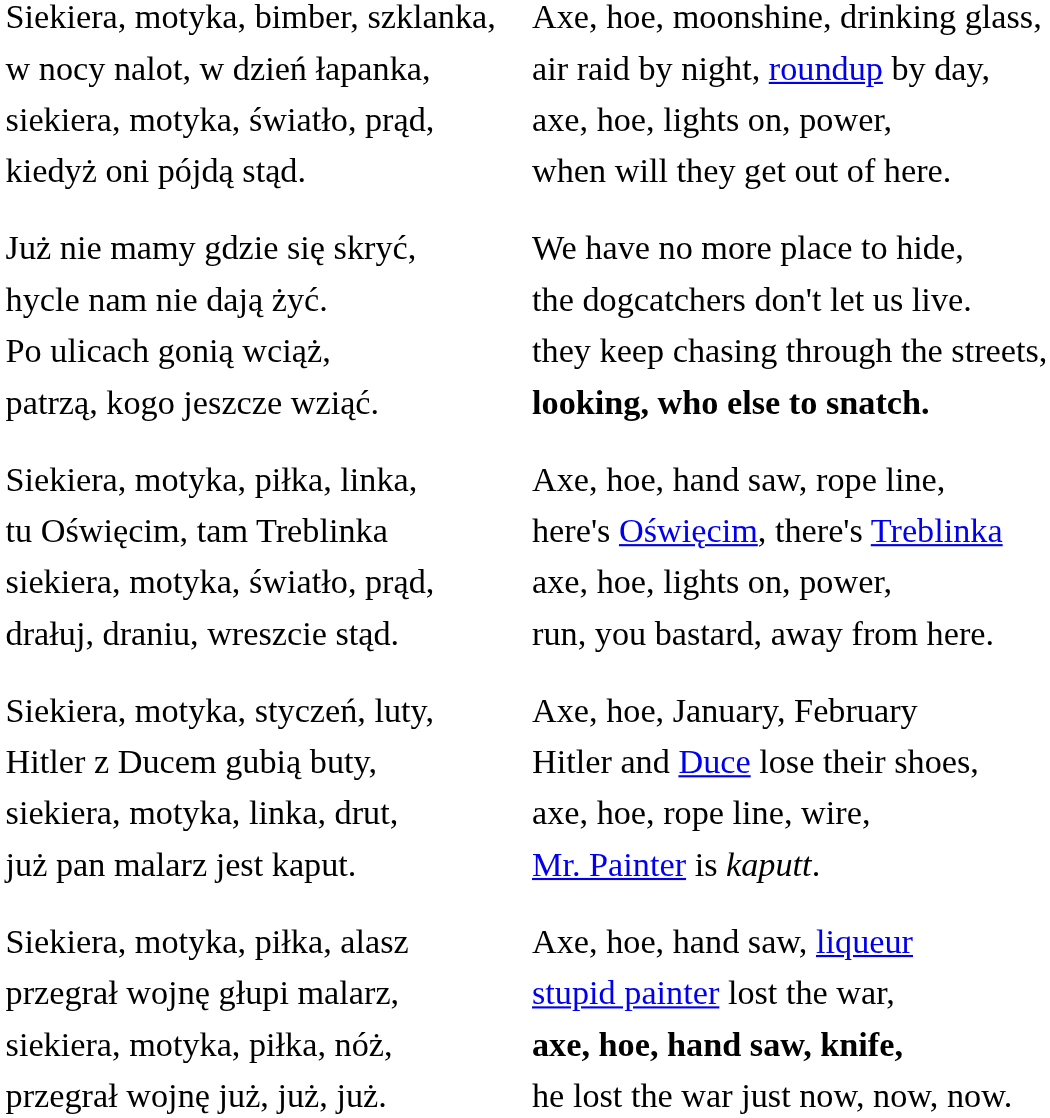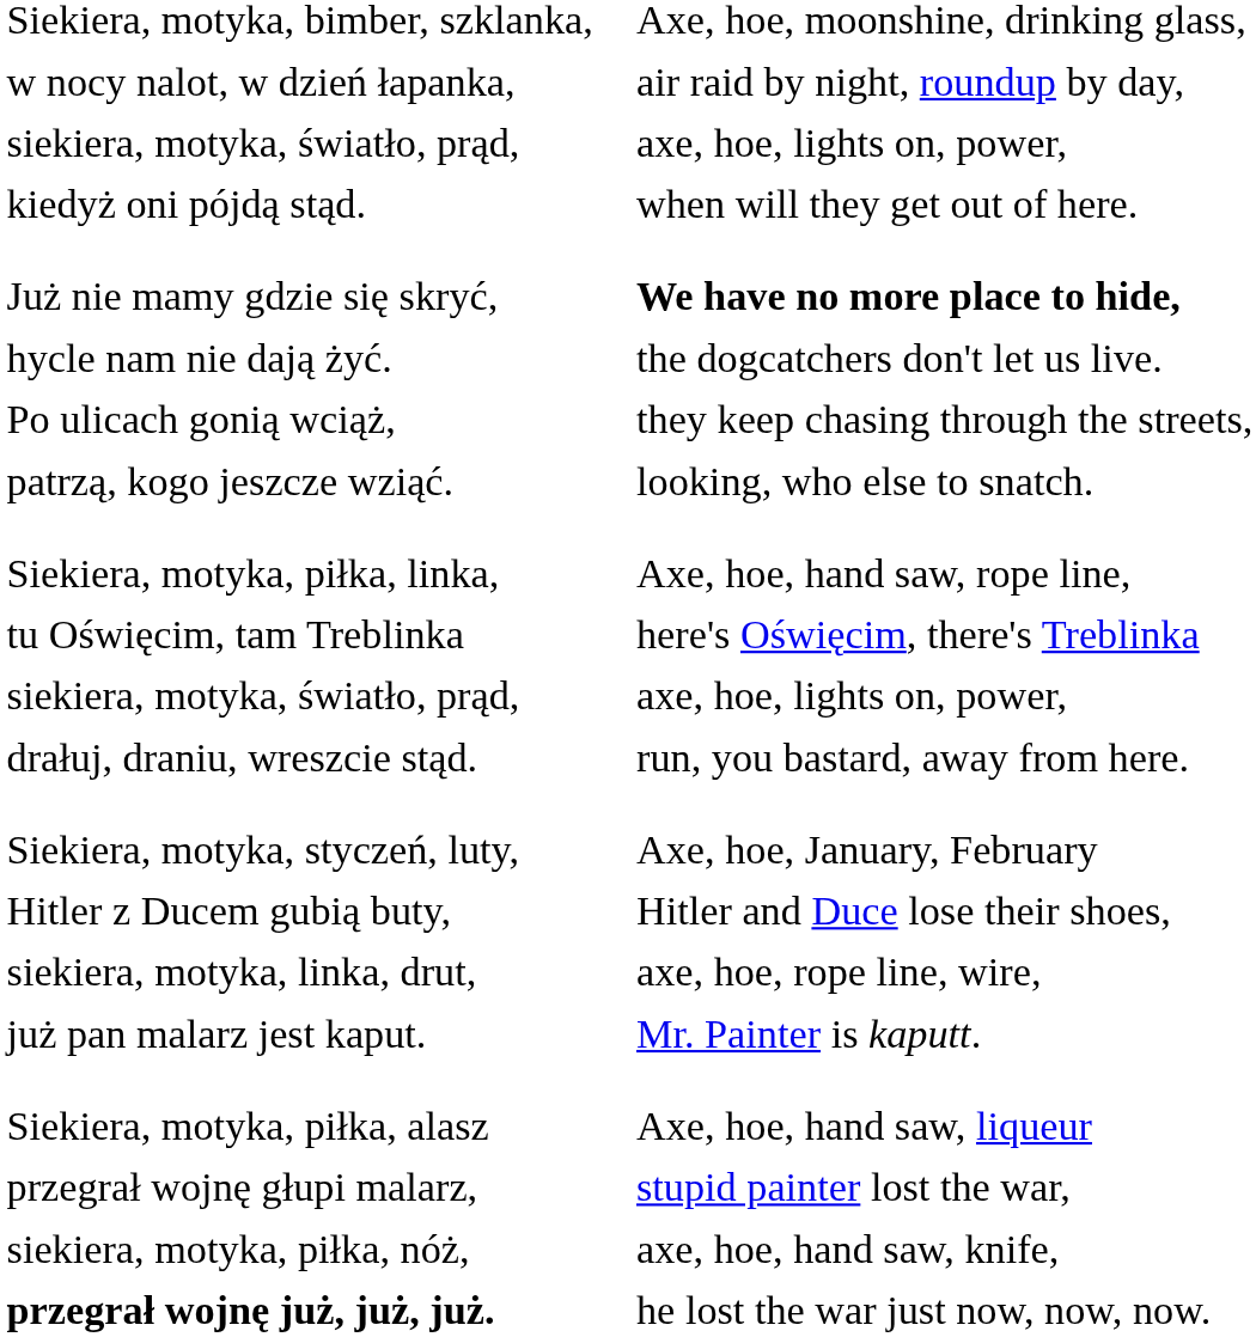 <table cellpadding=2 style="background:transparent;">
 <tr>
 <th width="240"></th>
 <th width="250"></th>
 </tr>
 <tr>
 <td>Siekiera, motyka, bimber, szklanka,</td>
 <td>Axe, hoe, moonshine, drinking glass,</td>
 </tr>
 <tr>
 <td>w nocy nalot, w dzień łapanka,</td>
 <td>air raid by night, <a href='#'>roundup</a> by day,</td>
 </tr>
 <tr>
 <td>siekiera, motyka, światło, prąd,</td>
 <td>axe, hoe, lights on, power,</td>
 </tr>
 <tr>
 <td>kiedyż oni pójdą stąd.</td>
 <td>when will they get out of here.</td>
 </tr>
 <tr>
 <td></td>
 <td></td>
 <td></td>
 </tr>
 <tr>
 <td></td>
 <td></td>
 </tr>
 <tr>
 <td>Już nie mamy gdzie się skryć,</td>
-<td>We have no more place to hide,</td>
+<td><strong>We have no more place to hide,</strong></td>
 </tr>
 <tr>
 <td>hycle nam nie dają żyć.</td>
 <td>the dogcatchers don't let us live.</td>
 </tr>
 <tr>
 <td>Po ulicach gonią wciąż,</td>
 <td>they keep chasing through the streets,</td>
 </tr>
 <tr>
 <td>patrzą, kogo jeszcze wziąć.</td>
-<td><strong>looking, who else to snatch.</strong></td>
+<td>looking, who else to snatch.</td>
 </tr>
 <tr>
 <td></td>
 <td></td>
 </tr>
 <tr>
 <td></td>
 <td></td>
 </tr>
 <tr>
 <td>Siekiera, motyka, piłka, linka,</td>
 <td>Axe, hoe, hand saw, rope line,</td>
 </tr>
 <tr>
 <td>tu Oświęcim, tam Treblinka</td>
 <td>here's <a href='#'>Oświęcim</a>, there's <a href='#'>Treblinka</a></td>
 </tr>
 <tr>
 <td>siekiera, motyka, światło, prąd,</td>
 <td>axe, hoe, lights on, power,</td>
 </tr>
 <tr>
 <td>drałuj, draniu, wreszcie stąd.</td>
 <td>run, you bastard, away from here.</td>
 </tr>
 <tr>
 <td></td>
 <td></td>
 </tr>
 <tr>
 <td></td>
 <td></td>
 </tr>
 <tr>
 <td>Siekiera, motyka, styczeń, luty,</td>
 <td>Axe, hoe, January, February</td>
 </tr>
 <tr>
 <td>Hitler z Ducem gubią buty,</td>
 <td>Hitler and <a href='#'>Duce</a> lose their shoes,</td>
 </tr>
 <tr>
 <td>siekiera, motyka, linka, drut,</td>
 <td>axe, hoe, rope line, wire,</td>
 </tr>
 <tr>
 <td>już pan malarz jest kaput.</td>
 <td><a href='#'>Mr. Painter</a> is <em>kaputt</em>.</td>
 </tr>
 <tr>
 <td></td>
 <td></td>
 </tr>
 <tr>
 <td></td>
 <td></td>
 </tr>
 <tr>
 <td>Siekiera, motyka, piłka, alasz</td>
 <td>Axe, hoe, hand saw, <a href='#'>liqueur</a></td>
 </tr>
 <tr>
 <td>przegrał wojnę głupi malarz,</td>
 <td><a href='#'>stupid painter</a> lost the war,</td>
 </tr>
 <tr>
 <td>siekiera, motyka, piłka, nóż,</td>
-<td><strong>axe, hoe, hand saw, knife,</strong></td>
+<td>axe, hoe, hand saw, knife,</td>
 </tr>
 <tr>
-<td>przegrał wojnę już, już, już.</td>
+<td><strong>przegrał wojnę już, już, już.</strong></td>
 <td>he lost the war just now, now, now.</td>
 </tr>
 </table>
